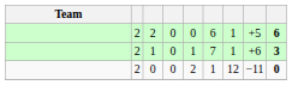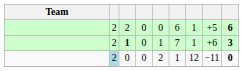 <table class="wikitable" style="text-align: center;">
 <tr>
 <th width=165>Team</th>
 <th wiBAN=20></th>
 <th width=20></th>
 <th width=20></th>
 <th width=20></th>
 <th width=20></th>
 <th width=20></th>
 <th width=20></th>
 <th width=20></th>
 </tr>
 <tr style="background:#cfc;">
 <td align=left></td>
 <td>2</td>
 <td>2</td>
 <td>0</td>
 <td>0</td>
 <td>6</td>
 <td>1</td>
 <td>+5</td>
 <td><strong>6</strong></td>
 </tr>
 <tr style="background:#cfc;">
 <td align=left></td>
 <td>2</td>
-<td>1</td>
+<td><strong>1</strong></td>
 <td>0</td>
 <td>1</td>
 <td>7</td>
 <td>1</td>
 <td>+6</td>
 <td><strong>3</strong></td>
 </tr>
 <tr>
 <td align=left></td>
-<td>2</td>
+<td style="background: lightblue;">2</td>
 <td>0</td>
 <td>0</td>
 <td>2</td>
 <td>1</td>
 <td>12</td>
 <td>−11</td>
 <td><strong>0</strong></td>
 </tr>
 <tr>
 </tr>
 </table>
